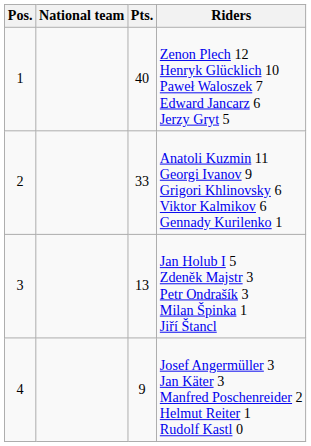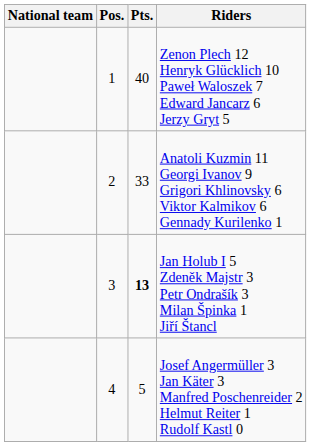 <table class=wikitable style="font-size:93%;">
 <tr>
+<th>National team</th>
 <th>Pos.</th>
-<th>National team</th>
 <th>Pts.</th>
 <th>Riders</th>
 </tr>
 <tr align=center >
+<td align=left></td>
 <td>1</td>
-<td align=left></td>
 <td>40</td>
 <td align=left><br><a href='#'>Zenon Plech</a> 12<br> <a href='#'>Henryk Glücklich</a> 10<br> <a href='#'>Paweł Waloszek</a> 7<br> <a href='#'>Edward Jancarz</a> 6 <br> <a href='#'>Jerzy Gryt</a> 5</td>
 </tr>
 <tr align=center >
+<td align=left></td>
 <td>2</td>
-<td align=left></td>
 <td>33</td>
 <td align=left><br><a href='#'>Anatoli Kuzmin</a> 11<br> <a href='#'>Georgi Ivanov</a> 9<br> <a href='#'>Grigori Khlinovsky</a> 6<br> <a href='#'>Viktor Kalmikov</a> 6<br> <a href='#'>Gennady Kurilenko</a> 1</td>
 </tr>
 <tr align=center>
+<td align=left></td>
 <td>3</td>
-<td align=left></td>
-<td>13</td>
+<td><strong>13</strong></td>
 <td align=left><br><a href='#'>Jan Holub I</a> 5<br> <a href='#'>Zdeněk Majstr</a> 3<br> <a href='#'>Petr Ondrašík</a> 3<br> <a href='#'>Milan Špinka</a> 1<br> <a href='#'>Jiří Štancl</a></td>
 </tr>
 <tr align=center>
+<td align=left></td>
 <td>4</td>
-<td align=left></td>
-<td>9</td>
+<td>5</td>
 <td align=left><br><a href='#'>Josef Angermüller</a> 3<br> <a href='#'>Jan Käter</a> 3<br> <a href='#'>Manfred Poschenreider</a> 2<br> <a href='#'>Helmut Reiter</a> 1<br> <a href='#'>Rudolf Kastl</a> 0</td>
 </tr>
 </table>
